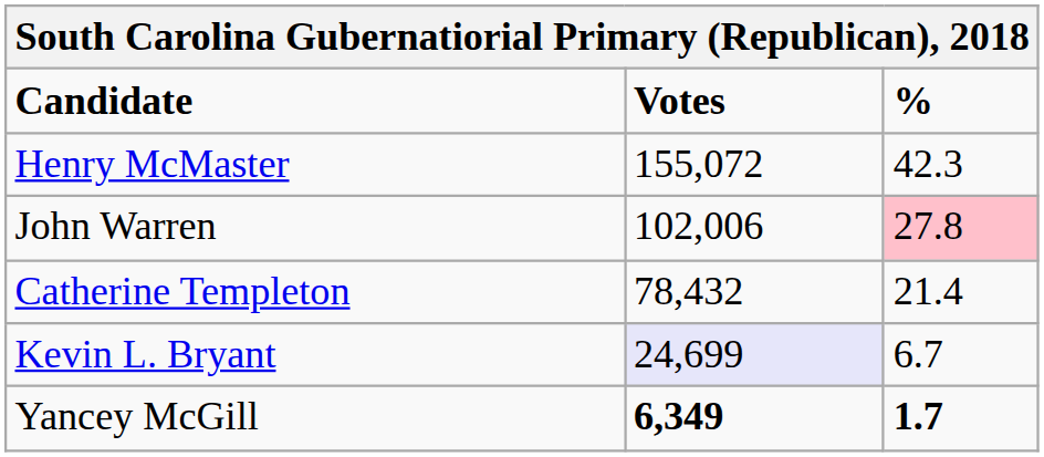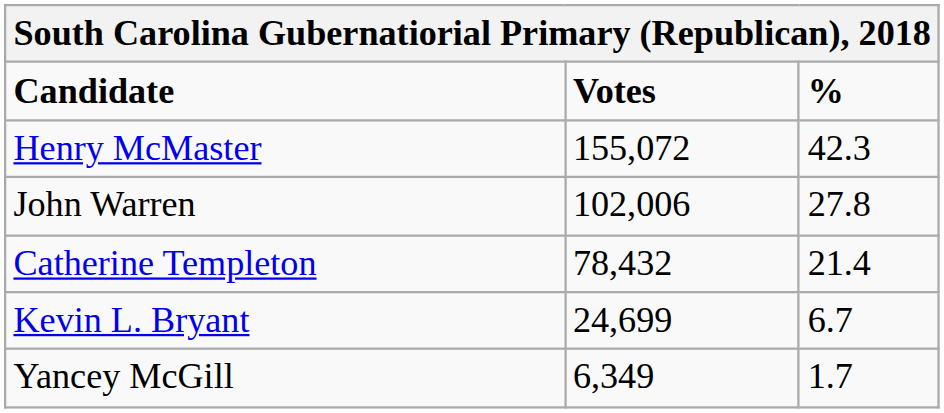 <table class="wikitable">
 <tr>
 <th colspan="4">South Carolina Gubernatiorial Primary (Republican), 2018</th>
 </tr>
 <tr>
 <td><strong>Candidate</strong></td>
 <td><strong>Votes</strong></td>
 <td><strong>%</strong></td>
 </tr>
 <tr>
 <td><a href='#'>Henry McMaster</a></td>
 <td>155,072</td>
 <td>42.3</td>
 </tr>
 <tr>
 <td>John Warren</td>
 <td>102,006</td>
-<td style="background: pink;">27.8</td>
+<td>27.8</td>
 </tr>
 <tr>
 <td><a href='#'>Catherine Templeton</a></td>
 <td>78,432</td>
 <td>21.4</td>
 </tr>
 <tr>
 <td><a href='#'>Kevin L. Bryant</a></td>
-<td style="background: lavender;">24,699</td>
+<td>24,699</td>
 <td>6.7</td>
 </tr>
 <tr>
 <td>Yancey McGill</td>
-<td><strong>6,349</strong></td>
-<td><strong>1.7</strong></td>
+<td>6,349</td>
+<td>1.7</td>
 </tr>
 </table>
